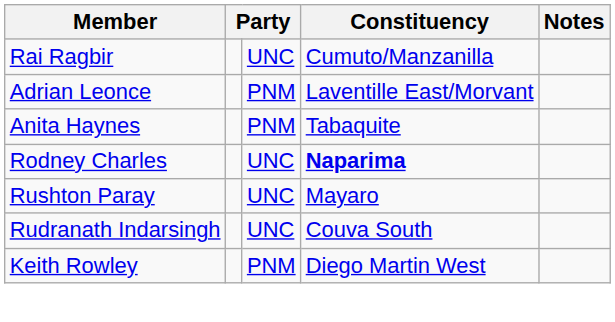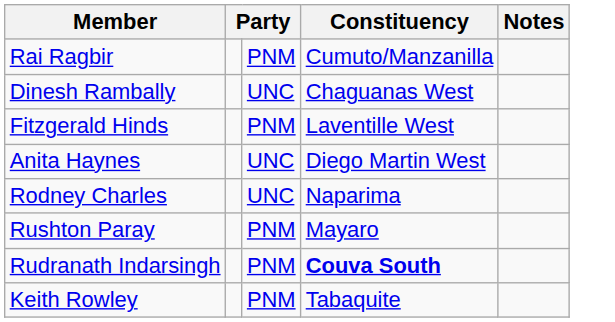 <table class="wikitable">
 <tr>
 <th>Member</th>
 <th colspan="2">Party</th>
 <th>Constituency</th>
 <th>Notes</th>
 </tr>
 <tr>
 <td><a href='#'>Rai Ragbir</a></td>
 <td style="background:"> </td>
-<td><a href='#'>UNC</a></td>
+<td><a href='#'>PNM</a></td>
 <td><a href='#'>Cumuto/Manzanilla</a></td>
 <td></td>
 </tr>
 <tr>
-<td><a href='#'>Adrian Leonce</a></td>
+<td><a href='#'>Dinesh Rambally</a></td>
+<td style="background:"> </td>
+<td><a href='#'>UNC</a></td>
+<td><a href='#'>Chaguanas West</a></td>
+<td></td>
+</tr>
+<tr>
+<td><a href='#'>Fitzgerald Hinds</a></td>
 <td style="background:"> </td>
 <td><a href='#'>PNM</a></td>
-<td><a href='#'>Laventille East/Morvant</a></td>
+<td><a href='#'>Laventille West</a></td>
 <td></td>
 </tr>
 <tr>
 <td><a href='#'>Anita Haynes</a></td>
 <td style="background:"> </td>
-<td><a href='#'>PNM</a></td>
-<td><a href='#'>Tabaquite</a></td>
+<td><a href='#'>UNC</a></td>
+<td><a href='#'>Diego Martin West</a></td>
 <td></td>
 </tr>
 <tr>
 <td><a href='#'>Rodney Charles</a></td>
 <td style="background:"> </td>
 <td><a href='#'>UNC</a></td>
-<td><strong><a href='#'>Naparima</a></strong></td>
+<td><a href='#'>Naparima</a></td>
 <td></td>
 </tr>
 <tr>
 <td><a href='#'>Rushton Paray</a></td>
 <td style="background:"> </td>
-<td><a href='#'>UNC</a></td>
+<td><a href='#'>PNM</a></td>
 <td><a href='#'>Mayaro</a></td>
 <td></td>
 </tr>
 <tr>
 <td><a href='#'>Rudranath Indarsingh</a></td>
 <td style="background:"> </td>
-<td><a href='#'>UNC</a></td>
-<td><a href='#'>Couva South</a></td>
+<td><a href='#'>PNM</a></td>
+<td><strong><a href='#'>Couva South</a></strong></td>
 <td></td>
 </tr>
 <tr>
 <td><a href='#'>Keith Rowley</a></td>
 <td style="background:"> </td>
 <td><a href='#'>PNM</a></td>
-<td><a href='#'>Diego Martin West</a></td>
+<td><a href='#'>Tabaquite</a></td>
 <td></td>
 </tr>
 </table>
